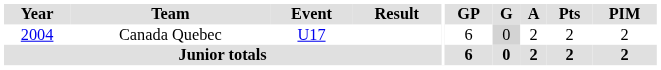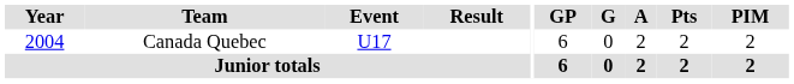 <table border="0" cellpadding="1" cellspacing="0" ID="Table3" style="text-align:center; width:40em">
 <tr ALIGN="center" bgcolor="#e0e0e0">
 <th>Year</th>
 <th>Team</th>
 <th>Event</th>
 <th>Result</th>
 <th rowspan="99" bgcolor="#ffffff"></th>
 <th>GP</th>
 <th>G</th>
 <th>A</th>
 <th>Pts</th>
 <th>PIM</th>
 </tr>
 <tr>
 <td><a href='#'>2004</a></td>
 <td>Canada Quebec</td>
 <td><a href='#'>U17</a></td>
 <td></td>
 <td>6</td>
-<td style="background: lightgrey;">0</td>
+<td>0</td>
 <td>2</td>
 <td>2</td>
 <td>2</td>
 </tr>
 <tr bgcolor="#e0e0e0">
 <th colspan="4">Junior totals</th>
 <th>6</th>
 <th>0</th>
 <th>2</th>
 <th>2</th>
 <th>2</th>
 </tr>
 </table>
